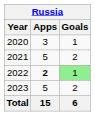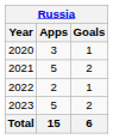 <table class="wikitable" style="text-align:center">
 <tr>
 <th colspan="3"><a href='#'>Russia</a></th>
 </tr>
 <tr>
 <th>Year</th>
 <th>Apps</th>
 <th>Goals</th>
 </tr>
 <tr>
 <td>2020</td>
 <td>3</td>
 <td>1</td>
 </tr>
 <tr>
 <td>2021</td>
 <td>5</td>
 <td>2</td>
 </tr>
 <tr>
 <td>2022</td>
-<td><strong>2</strong></td>
-<td style="background: lightgreen;">1</td>
+<td>2</td>
+<td>1</td>
 </tr>
 <tr>
 <td>2023</td>
 <td>5</td>
 <td>2</td>
 </tr>
 <tr>
 <th>Total</th>
 <th>15</th>
 <th>6</th>
 </tr>
 </table>
